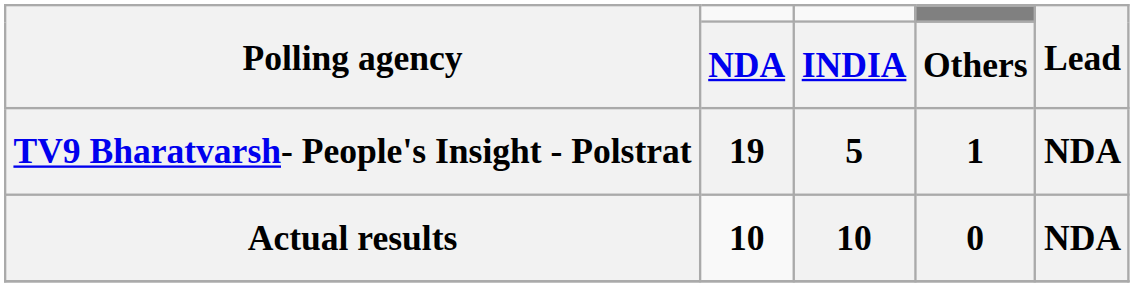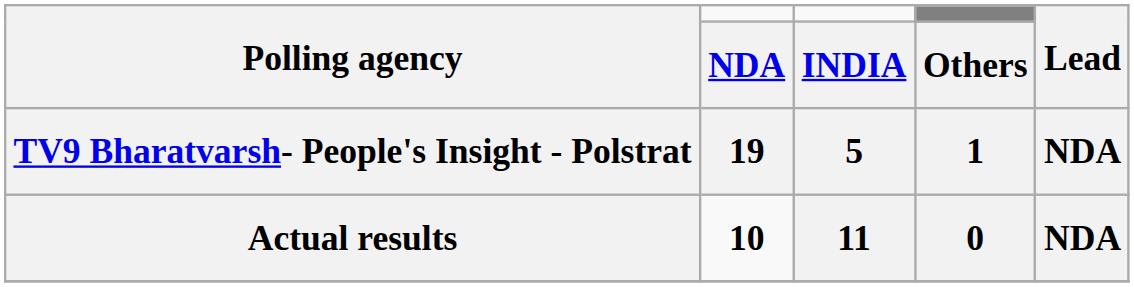 <table class="wikitable" style="text-align:center;font-size:95%;line-height:30px;">
 <tr>
 <th rowspan="2" class="wikitable">Polling agency</th>
 <td></td>
 <td></td>
 <td style="background:grey;"></td>
 <th rowspan="2">Lead</th>
 </tr>
 <tr>
 <th class="wikitable"><a href='#'>NDA</a></th>
 <th class="wikitable"><a href='#'>INDIA</a></th>
 <th class="wikitable">Others</th>
 </tr>
 <tr>
 <th><a href='#'>TV9 Bharatvarsh</a>- People's Insight - Polstrat</th>
 <th>19</th>
 <th>5</th>
 <th>1</th>
 <th>NDA</th>
 </tr>
 <tr>
 <th>Actual results</th>
 <td bgcolor=><strong>10</strong></td>
-<th>10</th>
+<th>11</th>
 <th>0</th>
 <th style="background:"><strong>NDA</strong></th>
 </tr>
 <tr>
 </tr>
 </table>
